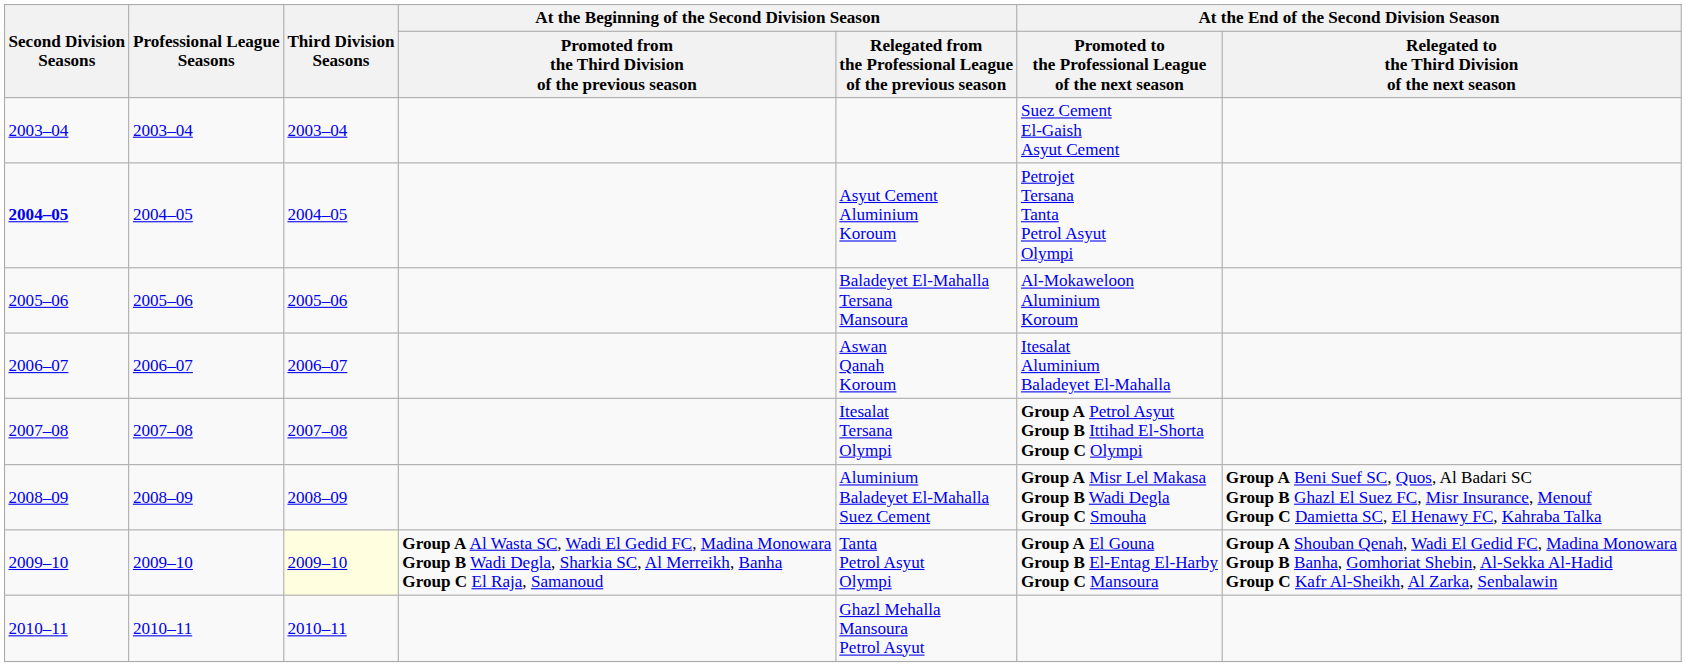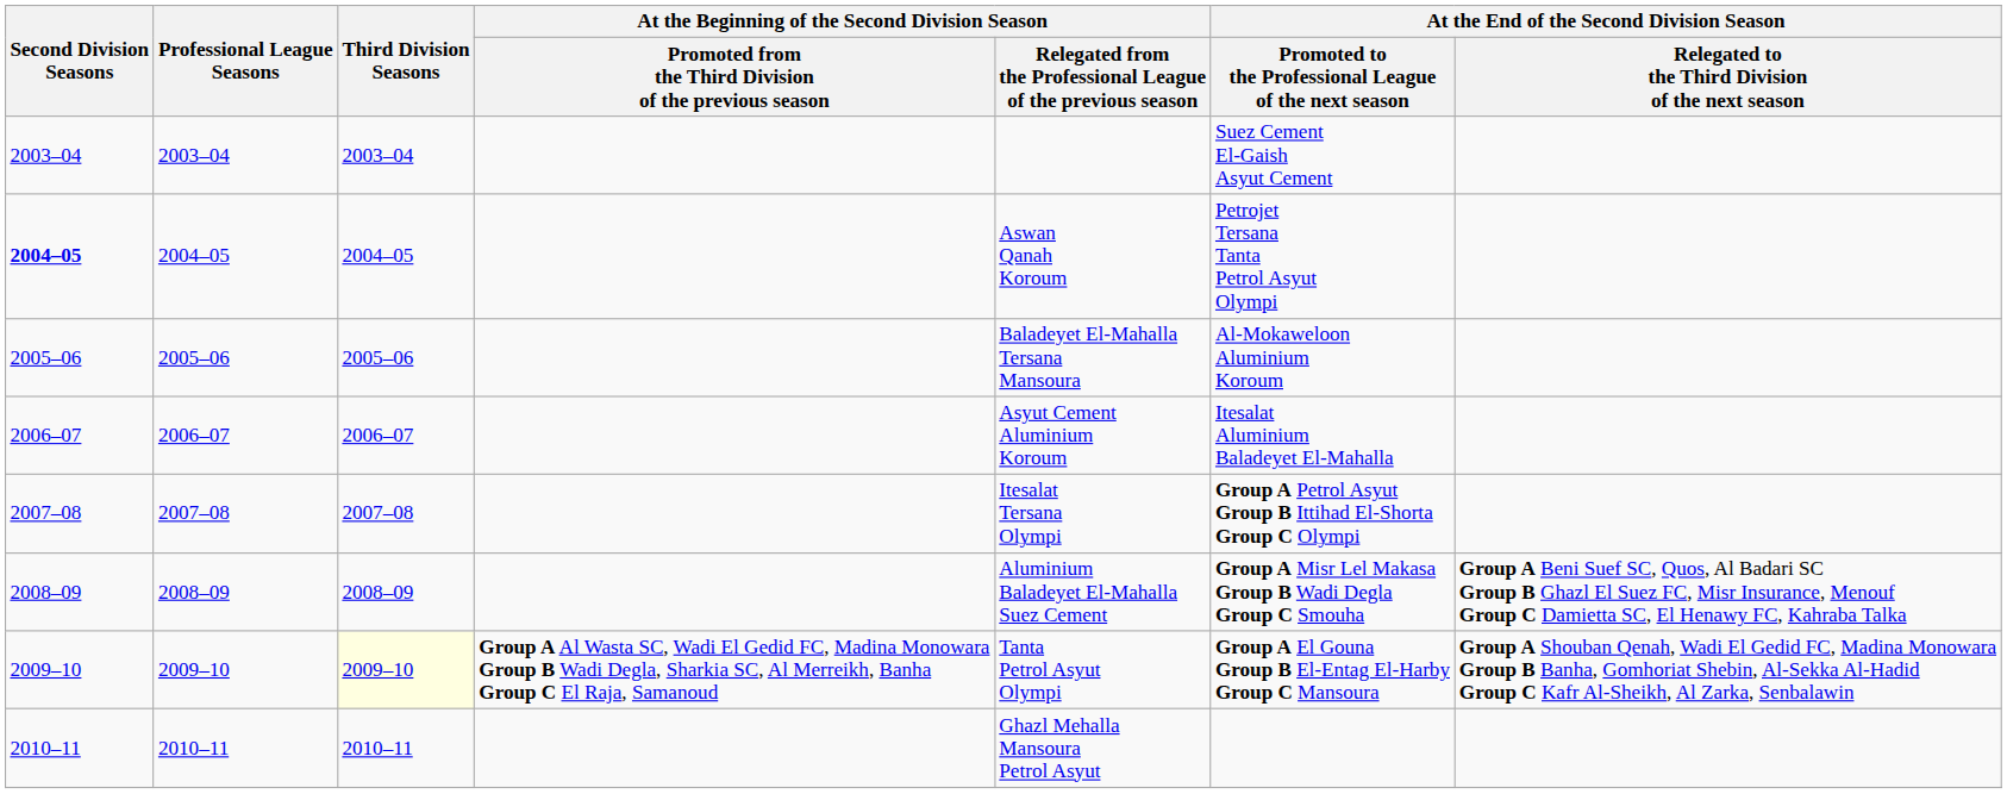 <table class="wikitable" style="text–align:left;" align="center">
 <tr>
 <th rowspan="2">Second Division <br> Seasons</th>
 <th rowspan="2">Professional League <br> Seasons</th>
 <th rowspan="2">Third Division <br> Seasons</th>
 <th colspan="2" style="text–align: center;">At the Beginning of the Second Division Season</th>
 <th colspan="2" style="text–align: center;">At the End of the Second Division Season</th>
 </tr>
 <tr>
 <th>Promoted from <br> the Third Division <br> of the previous season</th>
 <th>Relegated from <br> the Professional League <br> of the previous season</th>
 <th>Promoted to <br> the Professional League <br> of the next season</th>
 <th>Relegated to <br> the Third Division <br> of the next season</th>
 </tr>
 <tr>
 <td style="text–align:center;"><a href='#'>2003–04</a></td>
 <td style="text–align:center;"><a href='#'>2003–04</a></td>
 <td style="text–align:center;"><a href='#'>2003–04</a></td>
 <td></td>
 <td></td>
 <td><a href='#'>Suez Cement</a> <br> <a href='#'>El-Gaish</a> <br> <a href='#'>Asyut Cement</a></td>
 <td></td>
 </tr>
 <tr>
 <td style="text–align:center;"><strong><a href='#'>2004–05</a></strong></td>
 <td style="text–align:center;"><a href='#'>2004–05</a></td>
 <td style="text–align:center;"><a href='#'>2004–05</a></td>
 <td></td>
-<td><a href='#'>Asyut Cement</a><br><a href='#'>Aluminium</a><br><a href='#'>Koroum</a></td>
+<td><a href='#'>Aswan</a><br><a href='#'>Qanah</a><br><a href='#'>Koroum</a></td>
 <td><a href='#'>Petrojet</a> <br> <a href='#'>Tersana</a> <br> <a href='#'>Tanta</a> <br> <a href='#'>Petrol Asyut</a> <br> <a href='#'>Olympi</a></td>
 <td></td>
 </tr>
 <tr>
 <td style="text–align:center;"><a href='#'>2005–06</a></td>
 <td style="text–align:center;"><a href='#'>2005–06</a></td>
 <td style="text–align:center;"><a href='#'>2005–06</a></td>
 <td></td>
 <td><a href='#'>Baladeyet El-Mahalla</a><br><a href='#'>Tersana</a><br><a href='#'>Mansoura</a></td>
 <td><a href='#'>Al-Mokaweloon</a> <br> <a href='#'>Aluminium</a> <br> <a href='#'>Koroum</a></td>
 <td></td>
 </tr>
 <tr>
 <td style="text–align:center;"><a href='#'>2006–07</a></td>
 <td style="text–align:center;"><a href='#'>2006–07</a></td>
 <td style="text–align:center;"><a href='#'>2006–07</a></td>
 <td></td>
-<td><a href='#'>Aswan</a><br><a href='#'>Qanah</a><br><a href='#'>Koroum</a></td>
+<td><a href='#'>Asyut Cement</a><br><a href='#'>Aluminium</a><br><a href='#'>Koroum</a></td>
 <td><a href='#'>Itesalat</a> <br> <a href='#'>Aluminium</a> <br> <a href='#'>Baladeyet El-Mahalla</a></td>
 <td></td>
 </tr>
 <tr>
 <td style="text–align:center;"><a href='#'>2007–08</a></td>
 <td style="text–align:center;"><a href='#'>2007–08</a></td>
 <td style="text–align:center;"><a href='#'>2007–08</a></td>
 <td></td>
 <td><a href='#'>Itesalat</a><br><a href='#'>Tersana</a><br><a href='#'>Olympi</a></td>
 <td><strong>Group A</strong> <a href='#'>Petrol Asyut</a> <br> <strong>Group B</strong> <a href='#'>Ittihad El-Shorta</a> <br> <strong>Group C</strong> <a href='#'>Olympi</a></td>
 <td></td>
 </tr>
 <tr>
 <td style="text–align:center;"><a href='#'>2008–09</a></td>
 <td style="text–align:center;"><a href='#'>2008–09</a></td>
 <td style="text–align:center;"><a href='#'>2008–09</a></td>
 <td></td>
 <td><a href='#'>Aluminium</a><br><a href='#'>Baladeyet El-Mahalla</a><br><a href='#'>Suez Cement</a></td>
 <td><strong>Group A</strong> <a href='#'>Misr Lel Makasa</a> <br> <strong>Group B</strong> <a href='#'>Wadi Degla</a> <br> <strong>Group C</strong> <a href='#'>Smouha</a></td>
 <td><strong>Group A</strong> <a href='#'>Beni Suef SC</a>, <a href='#'>Quos</a>, Al Badari SC <br> <strong>Group B</strong> <a href='#'>Ghazl El Suez FC</a>, <a href='#'>Misr Insurance</a>, <a href='#'>Menouf</a> <br> <strong>Group C</strong> <a href='#'>Damietta SC</a>, <a href='#'>El Henawy FC</a>, <a href='#'>Kahraba Talka</a></td>
 </tr>
 <tr>
 <td style="text–align:center;"><a href='#'>2009–10</a></td>
 <td style="text–align:center;"><a href='#'>2009–10</a></td>
 <td style="background: lightyellow; text–align:center;"><a href='#'>2009–10</a></td>
 <td><strong>Group A</strong> <a href='#'>Al Wasta SC</a>, <a href='#'>Wadi El Gedid FC</a>, <a href='#'>Madina Monowara</a> <br> <strong>Group B</strong> <a href='#'>Wadi Degla</a>, <a href='#'>Sharkia SC</a>, <a href='#'>Al Merreikh</a>, <a href='#'>Banha</a> <br> <strong>Group C</strong> <a href='#'>El Raja</a>, <a href='#'>Samanoud</a></td>
 <td><a href='#'>Tanta</a><br><a href='#'>Petrol Asyut</a><br><a href='#'>Olympi</a></td>
 <td><strong>Group A</strong> <a href='#'>El Gouna</a> <br> <strong>Group B</strong> <a href='#'>El-Entag El-Harby</a> <br> <strong>Group C</strong> <a href='#'>Mansoura</a></td>
 <td><strong>Group A</strong> <a href='#'>Shouban Qenah</a>, <a href='#'>Wadi El Gedid FC</a>, <a href='#'>Madina Monowara</a> <br> <strong>Group B</strong> <a href='#'>Banha</a>, <a href='#'>Gomhoriat Shebin</a>, <a href='#'>Al-Sekka Al-Hadid</a> <br> <strong>Group C</strong> <a href='#'>Kafr Al-Sheikh</a>, <a href='#'>Al Zarka</a>, <a href='#'>Senbalawin</a></td>
 </tr>
 <tr>
 <td style="text–align:center;"><a href='#'>2010–11</a></td>
 <td style="text–align:center;"><a href='#'>2010–11</a></td>
 <td style="text–align:center;"><a href='#'>2010–11</a></td>
 <td></td>
 <td><a href='#'>Ghazl Mehalla</a><br><a href='#'>Mansoura</a><br><a href='#'>Petrol Asyut</a></td>
 <td></td>
 <td></td>
 </tr>
 <tr>
 </tr>
 </table>
